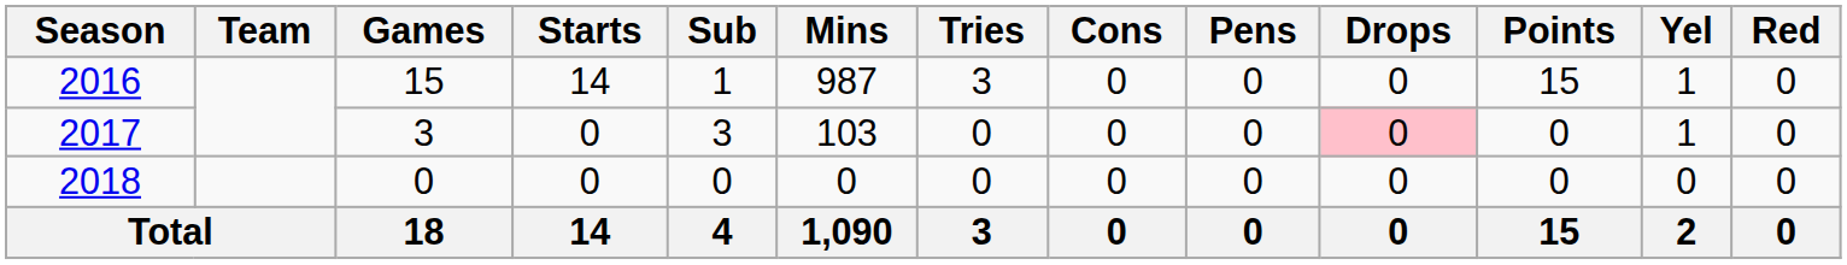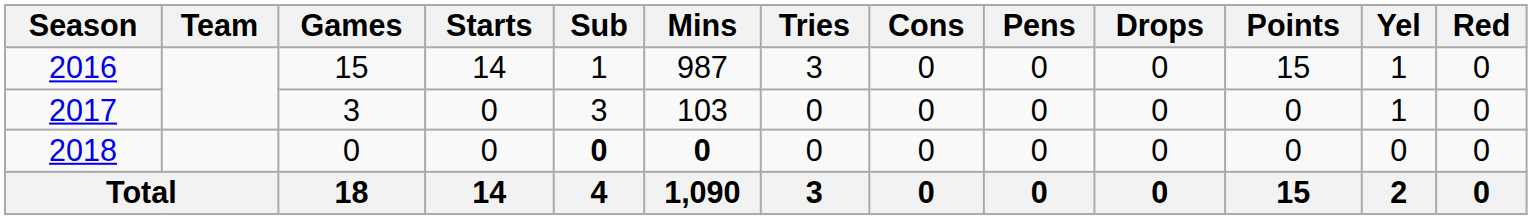 <table class="wikitable" style="text-align:center; line-height:90%; font-size:95%; width:60%;">
 <tr>
 <th>Season</th>
 <th>Team</th>
 <th>Games</th>
 <th>Starts</th>
 <th>Sub</th>
 <th>Mins</th>
 <th>Tries</th>
 <th>Cons</th>
 <th>Pens</th>
 <th>Drops</th>
 <th>Points</th>
 <th>Yel</th>
 <th>Red</th>
 </tr>
 <tr>
 <td><a href='#'>2016</a></td>
 <td rowspan="2"></td>
 <td>15</td>
 <td>14</td>
 <td>1</td>
 <td>987</td>
 <td>3</td>
 <td>0</td>
 <td>0</td>
 <td>0</td>
 <td>15</td>
 <td>1</td>
 <td>0</td>
 </tr>
 <tr>
 <td><a href='#'>2017</a></td>
 <td>3</td>
 <td>0</td>
 <td>3</td>
 <td>103</td>
 <td>0</td>
 <td>0</td>
 <td>0</td>
-<td style="background: pink;">0</td>
+<td>0</td>
 <td>0</td>
 <td>1</td>
 <td>0</td>
 </tr>
 <tr>
 <td><a href='#'>2018</a></td>
 <td></td>
 <td>0</td>
 <td>0</td>
-<td>0</td>
-<td>0</td>
+<td><strong>0</strong></td>
+<td><strong>0</strong></td>
 <td>0</td>
 <td>0</td>
 <td>0</td>
 <td>0</td>
 <td>0</td>
 <td>0</td>
 <td>0</td>
 </tr>
 <tr>
 <th colspan="2">Total</th>
 <th>18</th>
 <th>14</th>
 <th>4</th>
 <th>1,090</th>
 <th>3</th>
 <th>0</th>
 <th>0</th>
 <th>0</th>
 <th>15</th>
 <th>2</th>
 <th>0</th>
 </tr>
 </table>
